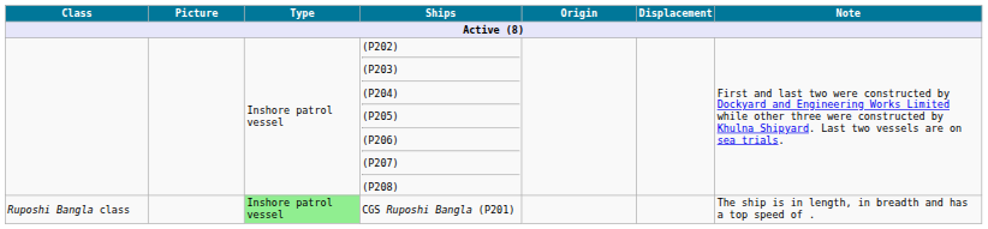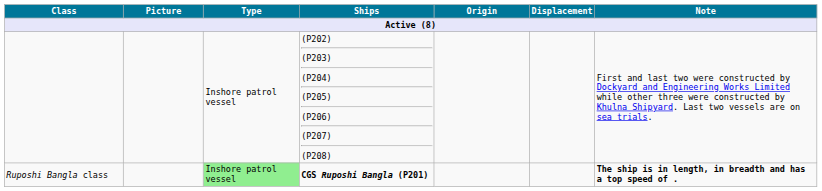 <table class="wikitable">
 <tr>
 <th style="color:#fff; background:#079; width:15%;">Class</th>
 <th style="color:#fff; background:#079; width:10%;">Picture</th>
 <th style="color:#fff; background:#079; width:12%;">Type</th>
 <th style="color:#fff; background:#079; width:17%;">Ships</th>
 <th style="color:#fff; background:#079; width:12%;">Origin</th>
 <th style="color:#fff; background:#079; width:6%;">Displacement</th>
 <th style="color:#fff; background:#079; width:28%;">Note</th>
 </tr>
 <tr>
 <th colspan="7" style="background: lavender;">Active (8)</th>
 </tr>
 <tr>
 <td></td>
 <td></td>
 <td>Inshore patrol vessel</td>
 <td> (P202)<hr>  (P203)<hr>  (P204) <hr>  (P205) <hr>  (P206) <hr>  (P207) <hr>  (P208)</td>
 <td></td>
 <td></td>
 <td>First and last two were constructed by <a href='#'>Dockyard and Engineering Works Limited</a> while other three were constructed by <a href='#'>Khulna Shipyard</a>. Last two vessels are on <a href='#'>sea trials</a>.</td>
 </tr>
 <tr>
 <td><em>Ruposhi Bangla</em> class</td>
 <td></td>
 <td style="background: lightgreen;">Inshore patrol vessel</td>
-<td>CGS <em>Ruposhi Bangla</em> (P201)</td>
+<td><strong>CGS <em>Ruposhi Bangla</em> (P201)</strong></td>
 <td></td>
 <td></td>
-<td>The ship is  in length,  in breadth and has a top speed of .</td>
+<td><strong>The ship is  in length,  in breadth and has a top speed of .</strong></td>
 </tr>
 </table>
